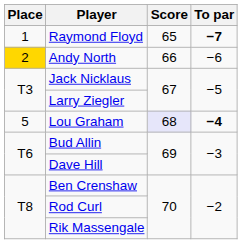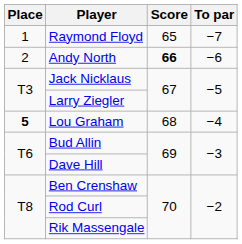 <table class="wikitable">
 <tr>
 <th>Place</th>
 <th>Player</th>
 <th>Score</th>
 <th>To par</th>
 </tr>
 <tr>
 <td align="center">1</td>
 <td> <a href='#'>Raymond Floyd</a></td>
 <td align="center">65</td>
-<td align="center"><strong>−7</strong></td>
+<td align="center">−7</td>
 </tr>
 <tr>
-<td align="center" style="background: gold;">2</td>
+<td align="center">2</td>
 <td> <a href='#'>Andy North</a></td>
-<td align="center">66</td>
+<td align="center"><strong>66</strong></td>
 <td align="center">−6</td>
 </tr>
 <tr>
 <td rowspan=2 align="center">T3</td>
 <td> <a href='#'>Jack Nicklaus</a></td>
 <td rowspan=2 align="center">67</td>
 <td rowspan=2 align="center">−5</td>
 </tr>
 <tr>
 <td> <a href='#'>Larry Ziegler</a></td>
 </tr>
 <tr>
-<td align="center">5</td>
+<td align="center"><strong>5</strong></td>
 <td> <a href='#'>Lou Graham</a></td>
-<td align="center" style="background: lavender;">68</td>
-<td align="center"><strong>−4</strong></td>
+<td align="center">68</td>
+<td align="center">−4</td>
 </tr>
 <tr>
 <td rowspan=2 align="center">T6</td>
 <td> <a href='#'>Bud Allin</a></td>
 <td rowspan=2 align="center">69</td>
 <td rowspan=2 align="center">−3</td>
 </tr>
 <tr>
 <td> <a href='#'>Dave Hill</a></td>
 </tr>
 <tr>
 <td rowspan=3 align="center">T8</td>
 <td> <a href='#'>Ben Crenshaw</a></td>
 <td rowspan=3 align="center">70</td>
 <td rowspan=3 align="center">−2</td>
 </tr>
 <tr>
 <td> <a href='#'>Rod Curl</a></td>
 </tr>
 <tr>
 <td> <a href='#'>Rik Massengale</a></td>
 </tr>
 </table>
